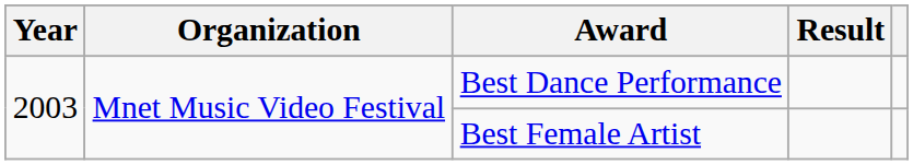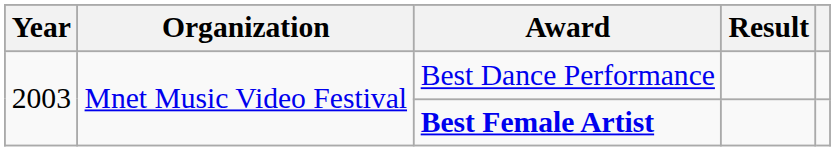 <table class="wikitable">
 <tr>
 <th scope="col">Year</th>
 <th scope="col">Organization</th>
 <th scope="col">Award</th>
 <th scope="col">Result</th>
 <th class="unsortable"></th>
 </tr>
 <tr>
 <td rowspan="2">2003</td>
 <td rowspan="2"><a href='#'>Mnet Music Video Festival</a></td>
 <td><a href='#'>Best Dance Performance</a></td>
 <td></td>
 <td align="center"></td>
 </tr>
 <tr>
-<td><a href='#'>Best Female Artist</a></td>
+<td><strong><a href='#'>Best Female Artist</a></strong></td>
 <td></td>
 <td align="center"></td>
 </tr>
 </table>
